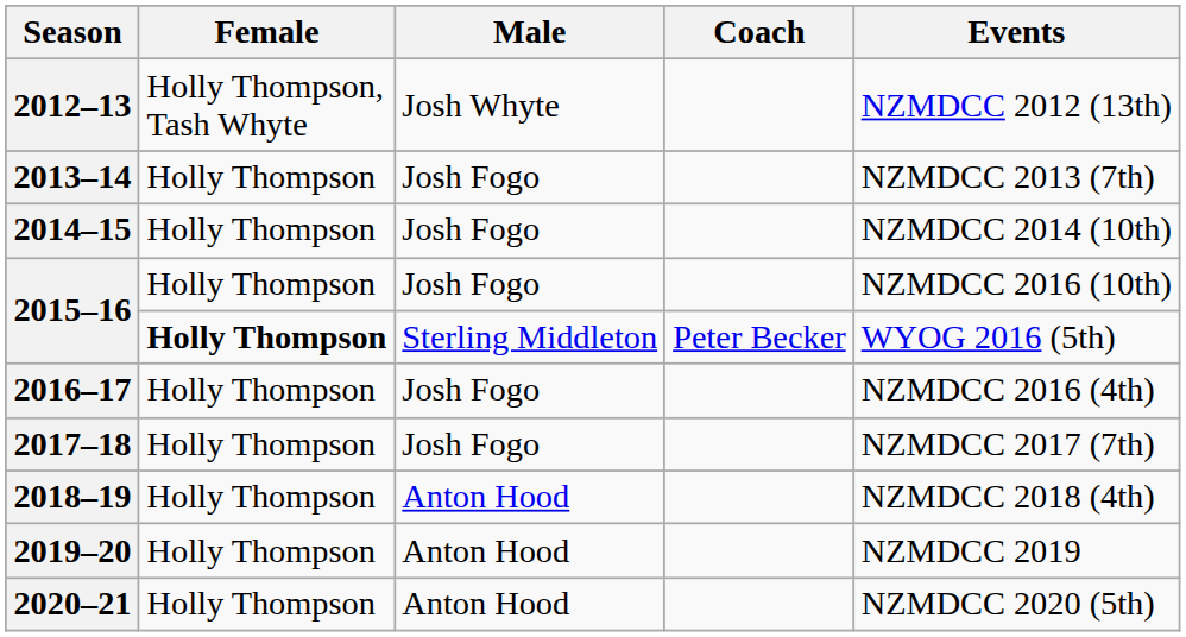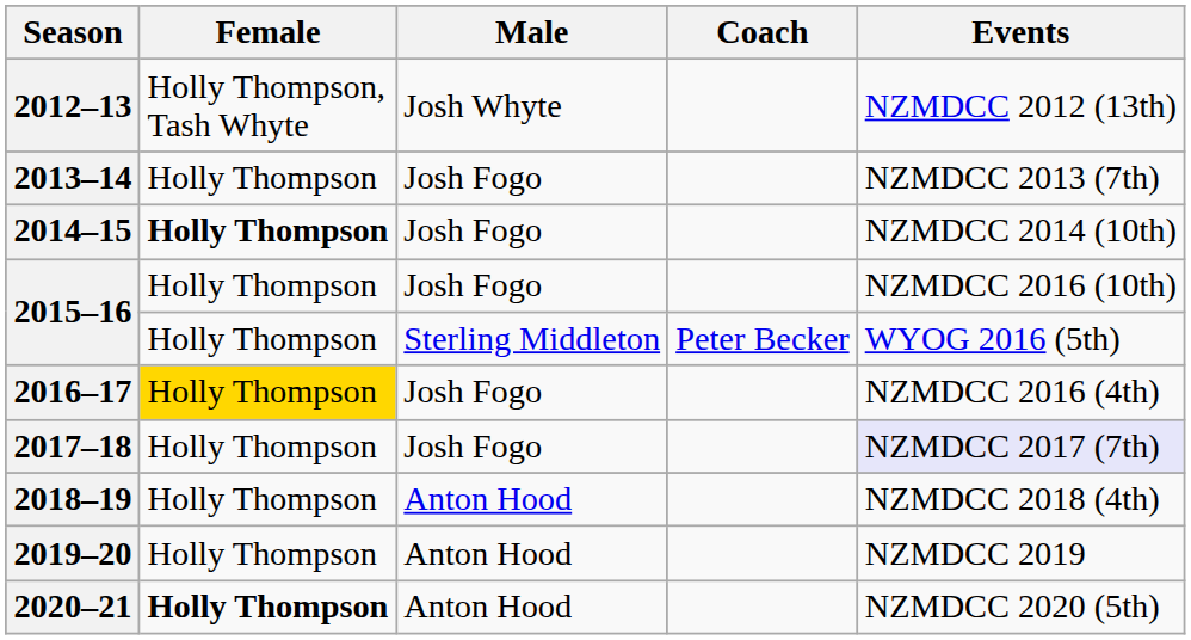 <table class="wikitable">
 <tr>
 <th scope="col">Season</th>
 <th scope="col">Female</th>
 <th scope="col">Male</th>
 <th scope="col">Coach</th>
 <th scope="col">Events</th>
 </tr>
 <tr>
 <th scope="row">2012–13</th>
 <td>Holly Thompson,<br>Tash Whyte</td>
 <td>Josh Whyte</td>
 <td></td>
 <td><a href='#'>NZMDCC</a> 2012 (13th)</td>
 </tr>
 <tr>
 <th scope="row">2013–14</th>
 <td>Holly Thompson</td>
 <td>Josh Fogo</td>
 <td></td>
 <td>NZMDCC 2013 (7th)</td>
 </tr>
 <tr>
 <th scope="row">2014–15</th>
-<td>Holly Thompson</td>
+<td><strong>Holly Thompson</strong></td>
 <td>Josh Fogo</td>
 <td></td>
 <td>NZMDCC 2014 (10th)</td>
 </tr>
 <tr>
 <th scope="row" rowspan="2">2015–16</th>
 <td>Holly Thompson</td>
 <td>Josh Fogo</td>
 <td></td>
 <td>NZMDCC 2016 (10th)</td>
 </tr>
 <tr>
-<td><strong> Holly Thompson</strong></td>
+<td> Holly Thompson</td>
 <td> <a href='#'>Sterling Middleton</a></td>
 <td><a href='#'>Peter Becker</a></td>
 <td><a href='#'>WYOG 2016</a> (5th)</td>
 </tr>
 <tr>
 <th scope="row">2016–17</th>
-<td>Holly Thompson</td>
+<td style="background: gold;">Holly Thompson</td>
 <td>Josh Fogo</td>
 <td></td>
 <td>NZMDCC 2016 (4th)</td>
 </tr>
 <tr>
 <th scope="row">2017–18</th>
 <td>Holly Thompson</td>
 <td>Josh Fogo</td>
 <td></td>
-<td>NZMDCC 2017 (7th)</td>
+<td style="background: lavender;">NZMDCC 2017 (7th)</td>
 </tr>
 <tr>
 <th scope="row">2018–19</th>
 <td>Holly Thompson</td>
 <td><a href='#'>Anton Hood</a></td>
 <td></td>
 <td>NZMDCC 2018 (4th)</td>
 </tr>
 <tr>
 <th scope="row">2019–20</th>
 <td>Holly Thompson</td>
 <td>Anton Hood</td>
 <td></td>
 <td>NZMDCC 2019 </td>
 </tr>
 <tr>
 <th scope="row">2020–21</th>
-<td>Holly Thompson</td>
+<td><strong>Holly Thompson</strong></td>
 <td>Anton Hood</td>
 <td></td>
 <td>NZMDCC 2020 (5th)</td>
 </tr>
 </table>
